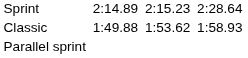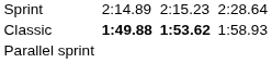 <table>
 <tr>
 <td>Sprint</td>
 <td></td>
 <td>2:14.89</td>
 <td></td>
 <td>2:15.23</td>
 <td></td>
 <td>2:28.64</td>
 </tr>
 <tr>
 <td>Classic</td>
 <td></td>
-<td>1:49.88</td>
+<td><strong>1:49.88</strong></td>
 <td></td>
-<td>1:53.62</td>
+<td><strong>1:53.62</strong></td>
 <td></td>
 <td>1:58.93</td>
 </tr>
 <tr>
 <td>Parallel sprint</td>
 <td colspan="2"></td>
 <td colspan="2"></td>
 <td colspan="2"></td>
 </tr>
 </table>
